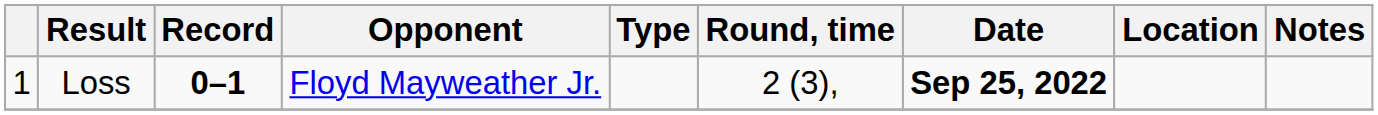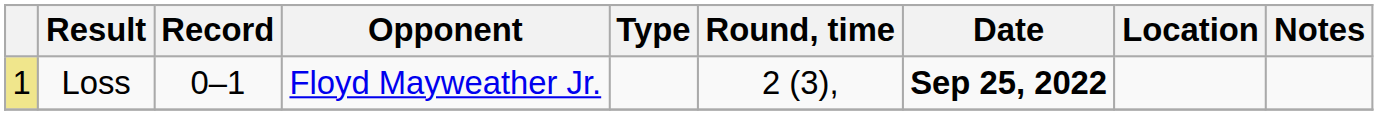 <table class="wikitable" style="text-align:center">
 <tr>
 <th></th>
 <th>Result</th>
 <th>Record</th>
 <th>Opponent</th>
 <th>Type</th>
 <th>Round, time</th>
 <th>Date</th>
 <th>Location</th>
 <th>Notes</th>
 </tr>
 <tr>
-<td>1</td>
+<td style="background: khaki;">1</td>
 <td>Loss</td>
-<td><strong>0–1</strong></td>
+<td>0–1</td>
 <td style="text-align:left;"><a href='#'>Floyd Mayweather Jr.</a></td>
 <td></td>
 <td>2 (3), </td>
 <td><strong>Sep 25, 2022</strong></td>
 <td style="text-align:left;"></td>
 <td></td>
 </tr>
 <tr>
 </tr>
 </table>
